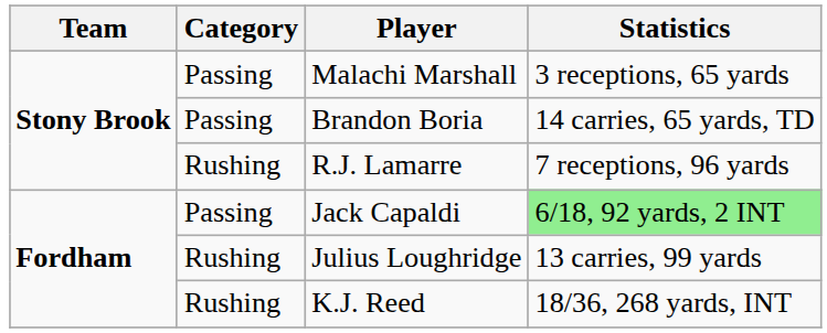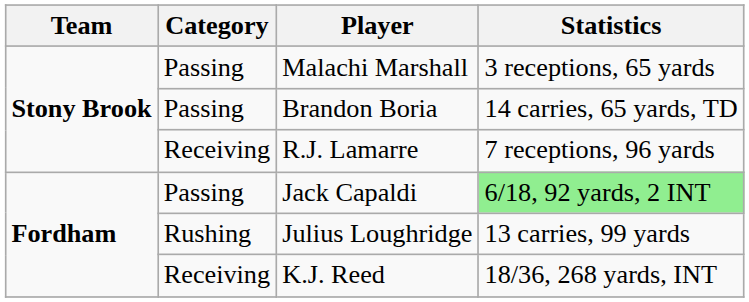 <table class="wikitable" style="float: right;">
 <tr>
 <th>Team</th>
 <th>Category</th>
 <th>Player</th>
 <th>Statistics</th>
 </tr>
 <tr>
 <td rowspan=3><strong>Stony Brook</strong></td>
 <td>Passing</td>
 <td>Malachi Marshall</td>
 <td>3 receptions, 65 yards</td>
 </tr>
 <tr>
 <td>Passing</td>
 <td>Brandon Boria</td>
 <td>14 carries, 65 yards, TD</td>
 </tr>
 <tr>
-<td>Rushing</td>
+<td>Receiving</td>
 <td>R.J. Lamarre</td>
 <td>7 receptions, 96 yards</td>
 </tr>
 <tr>
 <td rowspan=3><strong>Fordham</strong></td>
 <td>Passing</td>
 <td>Jack Capaldi</td>
 <td style="background: lightgreen;">6/18, 92 yards, 2 INT</td>
 </tr>
 <tr>
 <td>Rushing</td>
 <td>Julius Loughridge</td>
 <td>13 carries, 99 yards</td>
 </tr>
 <tr>
-<td>Rushing</td>
+<td>Receiving</td>
 <td>K.J. Reed</td>
 <td>18/36, 268 yards, INT</td>
 </tr>
 </table>
